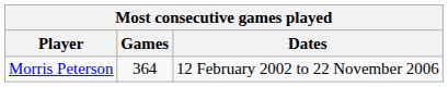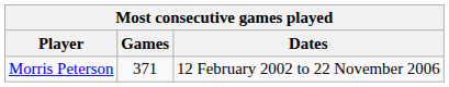 <table class="wikitable" style="text-align:center">
 <tr>
 <th colspan="3">Most consecutive games played</th>
 </tr>
 <tr>
 <th>Player</th>
 <th>Games</th>
 <th>Dates</th>
 </tr>
 <tr>
 <td><a href='#'>Morris Peterson</a></td>
-<td>364</td>
+<td>371</td>
 <td>12 February 2002 to 22 November 2006</td>
 </tr>
 </table>
